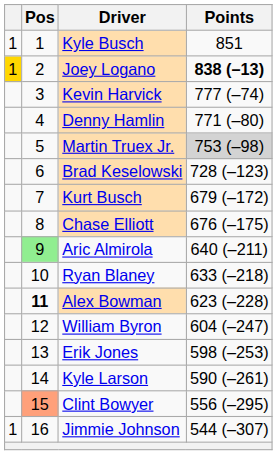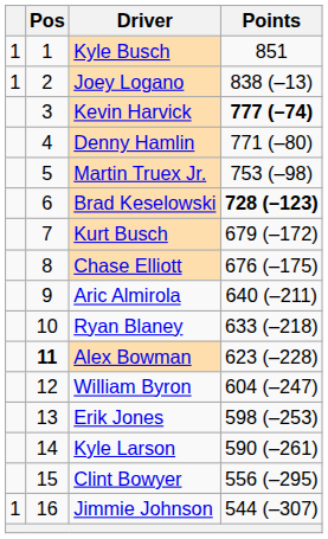 <table class="wikitable" style="font-size: 95%">
 <tr>
 <th></th>
 <th>Pos</th>
 <th>Driver</th>
 <th>Points</th>
 </tr>
 <tr>
 <td align="left"> 1</td>
 <td style="text-align:center;">1</td>
 <td style="background:#FFDEAD;"><a href='#'>Kyle Busch</a></td>
 <td style="text-align:center;">851</td>
 </tr>
 <tr>
-<td align="left" style="background: gold;"> 1</td>
+<td align="left"> 1</td>
 <td style="text-align:center;">2</td>
 <td style="background:#FFDEAD;"><a href='#'>Joey Logano</a></td>
-<td style="text-align:center;"><strong>838 (–13)</strong></td>
+<td style="text-align:center;">838 (–13)</td>
 </tr>
 <tr>
 <td align="left"></td>
 <td style="text-align:center;">3</td>
 <td style="background:#FFDEAD;"><a href='#'>Kevin Harvick</a></td>
-<td style="text-align:center;">777 (–74)</td>
+<td style="text-align:center;"><strong>777 (–74)</strong></td>
 </tr>
 <tr>
 <td align="left"></td>
 <td style="text-align:center;">4</td>
 <td style="background:#FFDEAD;"><a href='#'>Denny Hamlin</a></td>
 <td style="text-align:center;">771 (–80)</td>
 </tr>
 <tr>
 <td align="left"></td>
 <td style="text-align:center;">5</td>
 <td style="background:#FFDEAD;"><a href='#'>Martin Truex Jr.</a></td>
-<td style="background: lightgrey; text-align:center;">753 (–98)</td>
+<td style="text-align:center;">753 (–98)</td>
 </tr>
 <tr>
 <td align="left"></td>
 <td style="text-align:center;">6</td>
 <td style="background:#FFDEAD;"><a href='#'>Brad Keselowski</a></td>
-<td style="text-align:center;">728 (–123)</td>
+<td style="text-align:center;"><strong>728 (–123)</strong></td>
 </tr>
 <tr>
 <td align="left"></td>
 <td style="text-align:center;">7</td>
 <td style="background:#FFDEAD;"><a href='#'>Kurt Busch</a></td>
 <td style="text-align:center;">679 (–172)</td>
 </tr>
 <tr>
 <td align="left"></td>
 <td style="text-align:center;">8</td>
 <td style="background:#FFDEAD;"><a href='#'>Chase Elliott</a></td>
 <td style="text-align:center;">676 (–175)</td>
 </tr>
 <tr>
 <td align="left"></td>
-<td style="background: lightgreen; text-align:center;">9</td>
+<td style="text-align:center;">9</td>
 <td><a href='#'>Aric Almirola</a></td>
 <td style="text-align:center;">640 (–211)</td>
 </tr>
 <tr>
 <td align="left"></td>
 <td style="text-align:center;">10</td>
 <td><a href='#'>Ryan Blaney</a></td>
 <td style="text-align:center;">633 (–218)</td>
 </tr>
 <tr>
 <td align="left"></td>
 <td style="text-align:center;"><strong>11</strong></td>
 <td style="background:#FFDEAD;"><a href='#'>Alex Bowman</a></td>
 <td style="text-align:center;">623 (–228)</td>
 </tr>
 <tr>
 <td align="left"></td>
 <td style="text-align:center;">12</td>
 <td><a href='#'>William Byron</a></td>
 <td style="text-align:center;">604 (–247)</td>
 </tr>
 <tr>
 <td align="left"></td>
 <td style="text-align:center;">13</td>
 <td><a href='#'>Erik Jones</a></td>
 <td style="text-align:center;">598 (–253)</td>
 </tr>
 <tr>
 <td align="left"></td>
 <td style="text-align:center;">14</td>
 <td><a href='#'>Kyle Larson</a></td>
 <td style="text-align:center;">590 (–261)</td>
 </tr>
 <tr>
 <td align="left"></td>
-<td style="background: lightsalmon; text-align:center;">15</td>
+<td style="text-align:center;">15</td>
 <td><a href='#'>Clint Bowyer</a></td>
 <td style="text-align:center;">556 (–295)</td>
 </tr>
 <tr>
 <td align="left"> 1</td>
 <td style="text-align:center;">16</td>
 <td><a href='#'>Jimmie Johnson</a></td>
 <td style="text-align:center;">544 (–307)</td>
 </tr>
 <tr class="sortbottom">
 <th colspan="9"></th>
 </tr>
 </table>
